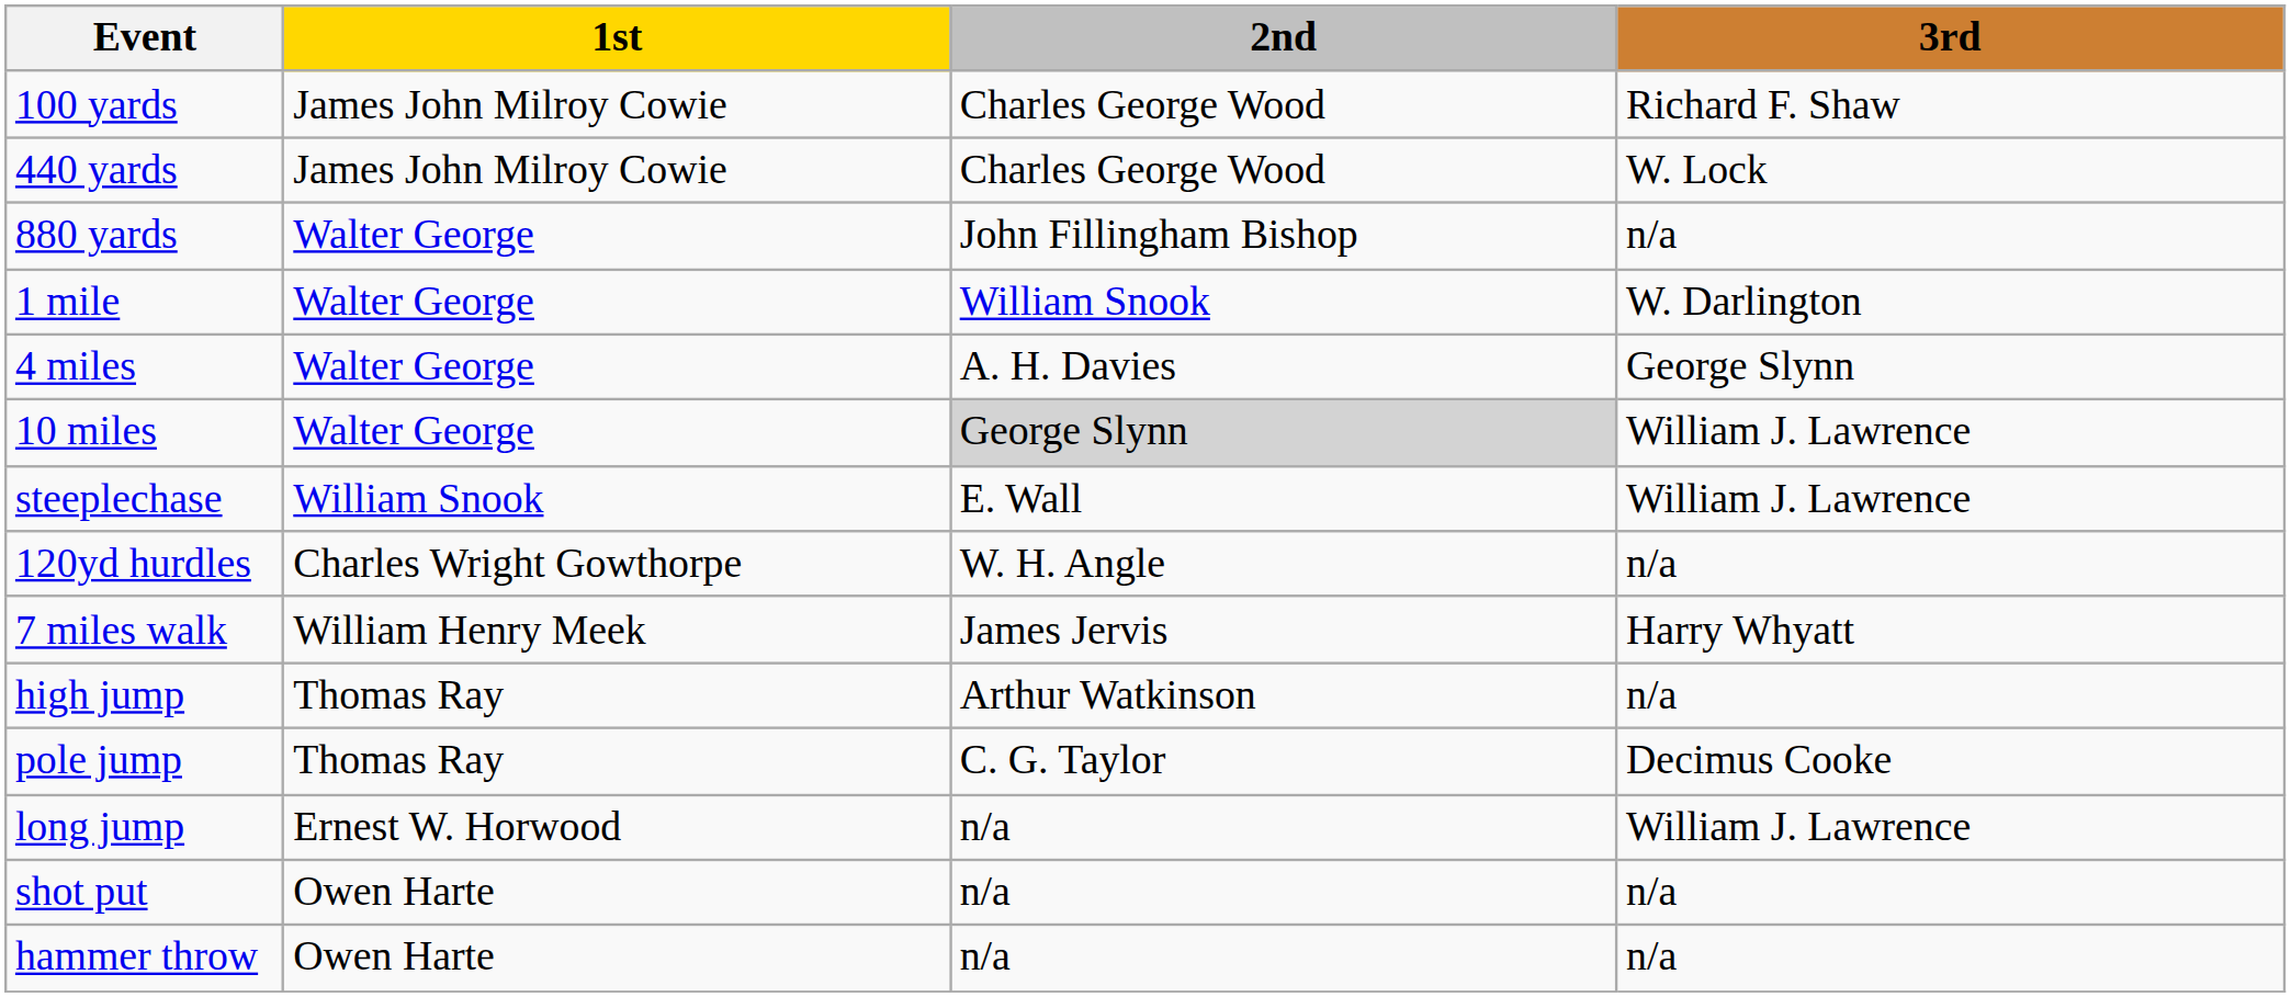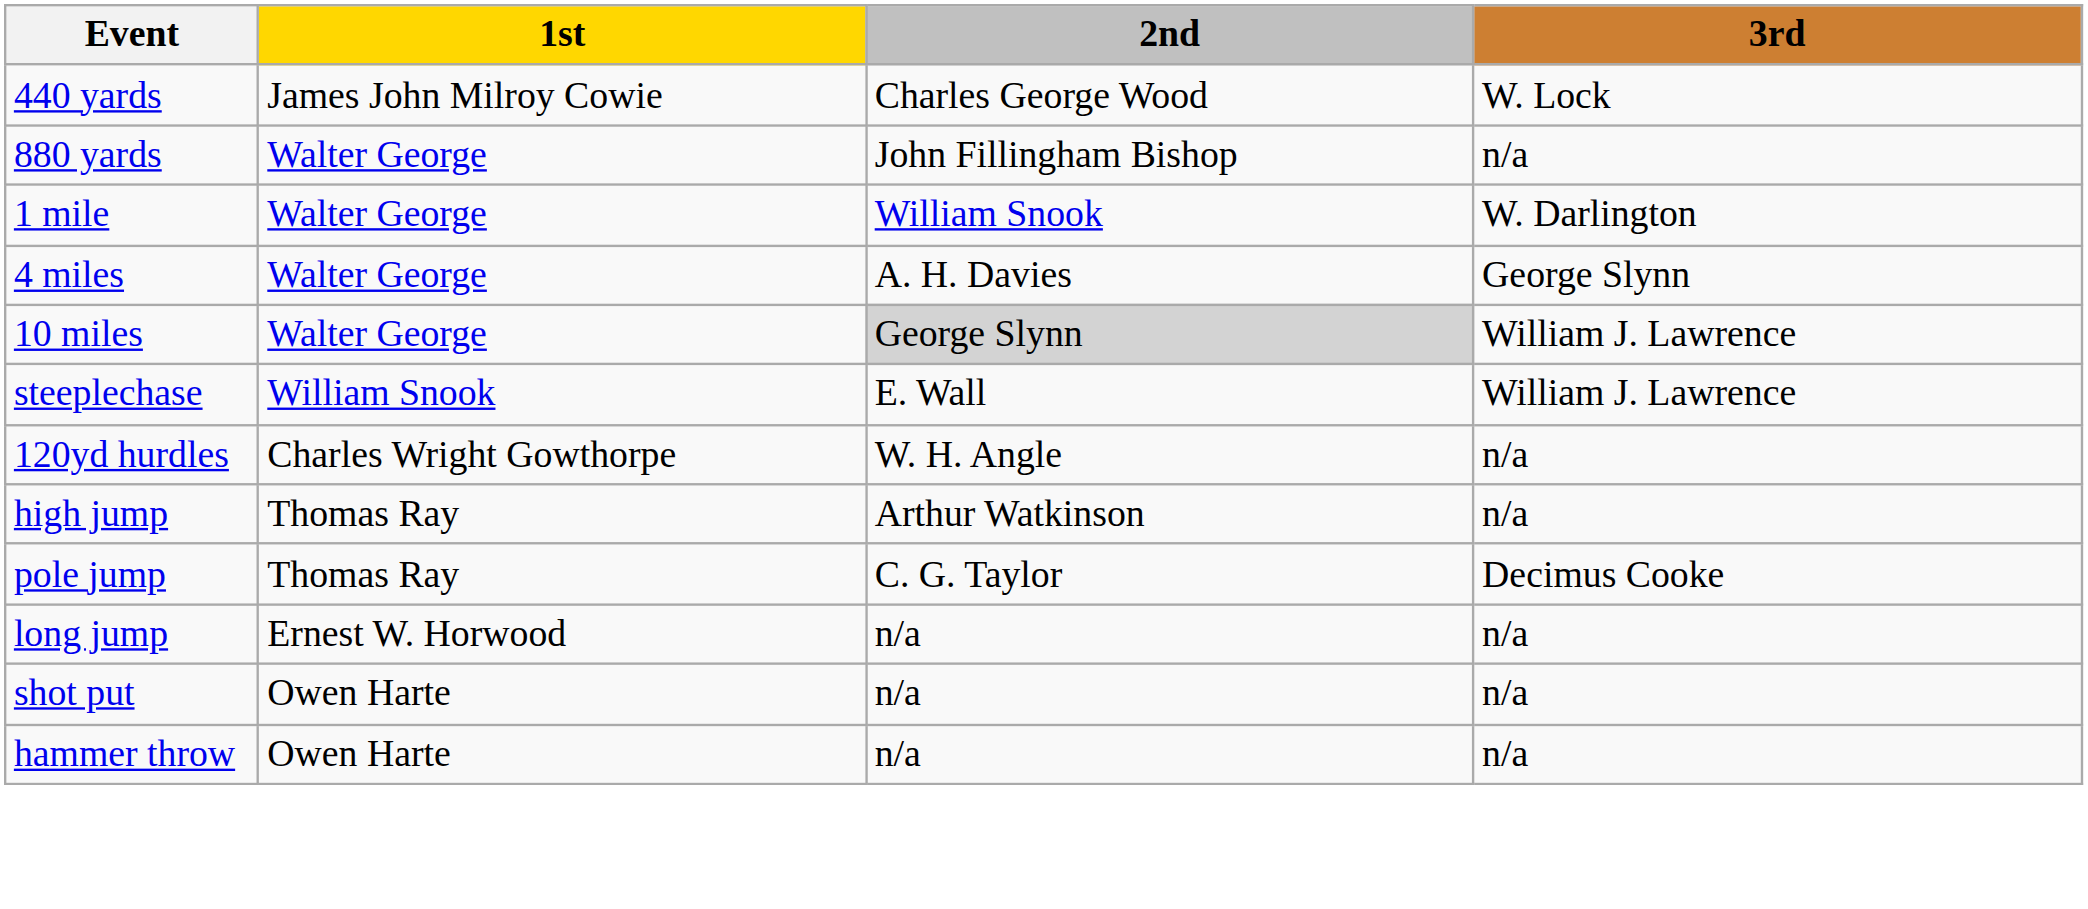 <table class="wikitable" style="text-align:left">
 <tr>
 <th width=100>Event</th>
 <th width="250" style="background:gold;">1st</th>
 <th width="250" style="background:silver;">2nd</th>
 <th width="250" style="background:#CD7F32;">3rd</th>
-</tr>
-<tr>
-<td><a href='#'>100 yards</a></td>
-<td> James John Milroy Cowie</td>
-<td>Charles George Wood</td>
-<td>Richard F. Shaw</td>
 </tr>
 <tr>
 <td><a href='#'>440 yards</a></td>
 <td> James John Milroy Cowie</td>
 <td>Charles George Wood</td>
 <td>W. Lock</td>
 </tr>
 <tr>
 <td><a href='#'>880 yards</a></td>
 <td><a href='#'>Walter George</a></td>
 <td>John Fillingham Bishop</td>
 <td>n/a</td>
 </tr>
 <tr>
 <td><a href='#'>1 mile</a></td>
 <td><a href='#'>Walter George</a></td>
 <td><a href='#'>William Snook</a></td>
 <td>W. Darlington</td>
 </tr>
 <tr>
 <td><a href='#'>4 miles</a></td>
 <td><a href='#'>Walter George</a></td>
 <td>A. H. Davies</td>
 <td>George Slynn</td>
 </tr>
 <tr>
 <td><a href='#'>10 miles</a></td>
 <td><a href='#'>Walter George</a></td>
 <td style="background: lightgrey;">George Slynn</td>
 <td>William J. Lawrence</td>
 </tr>
 <tr>
 <td><a href='#'>steeplechase</a></td>
 <td><a href='#'>William Snook</a></td>
 <td>E. Wall</td>
 <td>William J. Lawrence</td>
 </tr>
 <tr>
 <td><a href='#'>120yd hurdles</a></td>
 <td>Charles Wright Gowthorpe</td>
 <td>W. H. Angle</td>
 <td>n/a</td>
 </tr>
 <tr>
-<td><a href='#'>7 miles walk</a></td>
-<td> William Henry Meek</td>
-<td>James Jervis</td>
-<td>Harry Whyatt</td>
-</tr>
-<tr>
 <td><a href='#'>high jump</a></td>
 <td>Thomas Ray</td>
 <td>Arthur Watkinson</td>
 <td>n/a</td>
 </tr>
 <tr>
 <td><a href='#'>pole jump</a></td>
 <td>Thomas Ray</td>
 <td>C. G. Taylor</td>
 <td> Decimus Cooke</td>
 </tr>
 <tr>
 <td><a href='#'>long jump</a></td>
 <td>Ernest W. Horwood</td>
 <td>n/a</td>
-<td>William J. Lawrence</td>
+<td>n/a</td>
 </tr>
 <tr>
 <td><a href='#'>shot put</a></td>
 <td> Owen Harte</td>
 <td>n/a</td>
 <td>n/a</td>
 </tr>
 <tr>
 <td><a href='#'>hammer throw</a></td>
 <td> Owen Harte</td>
 <td>n/a</td>
 <td>n/a</td>
 </tr>
 </table>
